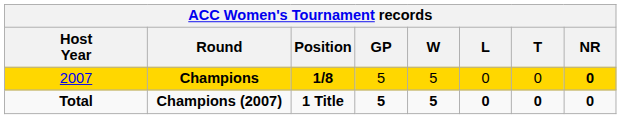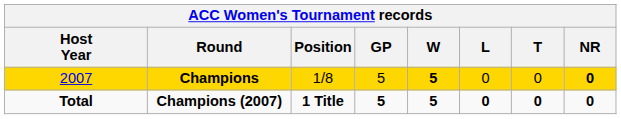 <table class="wikitable" style="text-align: center; width=900px;">
 <tr>
 <th colspan=9><a href='#'>ACC Women's Tournament</a> records</th>
 </tr>
 <tr>
 <th width=150>Host<br>Year</th>
 <th width=150>Round</th>
 <th width=50>Position</th>
 <th width=50>GP</th>
 <th width=50>W</th>
 <th width=50>L</th>
 <th width=50>T</th>
 <th width=50>NR</th>
 </tr>
 <tr style="background:gold;">
 <td> <a href='#'>2007</a></td>
 <td><strong>Champions</strong></td>
-<td><strong>1/8</strong></td>
+<td>1/8</td>
 <td>5</td>
-<td>5</td>
+<td><strong>5</strong></td>
 <td>0</td>
 <td>0</td>
 <td><strong>0</strong></td>
 </tr>
 <tr>
 <td><strong>Total</strong></td>
 <td><strong>Champions (2007)</strong></td>
 <td><strong>1 Title</strong></td>
 <td><strong>5</strong></td>
 <td><strong>5</strong></td>
 <td><strong>0</strong></td>
 <td><strong>0</strong></td>
 <td><strong>0</strong></td>
 </tr>
 </table>
